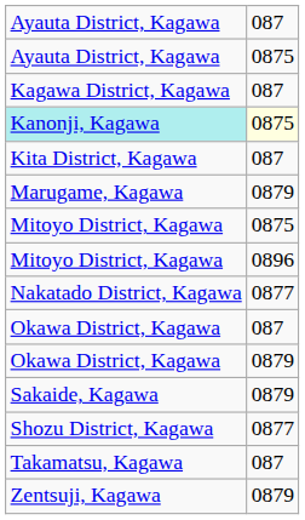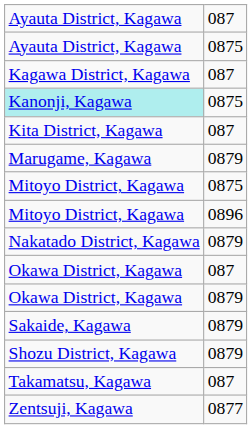 <table class="wikitable">
 <tr>
 <td><a href='#'>Ayauta District, Kagawa</a></td>
 <td>087</td>
 </tr>
 <tr>
 <td><a href='#'>Ayauta District, Kagawa</a></td>
 <td>0875</td>
 </tr>
 <tr>
 <td><a href='#'>Kagawa District, Kagawa</a></td>
 <td>087</td>
 </tr>
 <tr>
 <td style="background: paleturquoise;"><a href='#'>Kanonji, Kagawa</a></td>
-<td style="background: lightyellow;">0875</td>
+<td>0875</td>
 </tr>
 <tr>
 <td><a href='#'>Kita District, Kagawa</a></td>
 <td>087</td>
 </tr>
 <tr>
 <td><a href='#'>Marugame, Kagawa</a></td>
 <td>0879</td>
 </tr>
 <tr>
 <td><a href='#'>Mitoyo District, Kagawa</a></td>
 <td>0875</td>
 </tr>
 <tr>
 <td><a href='#'>Mitoyo District, Kagawa</a></td>
 <td>0896</td>
 </tr>
 <tr>
 <td><a href='#'>Nakatado District, Kagawa</a></td>
-<td>0877</td>
+<td>0879</td>
 </tr>
 <tr>
 <td><a href='#'>Okawa District, Kagawa</a></td>
 <td>087</td>
 </tr>
 <tr>
 <td><a href='#'>Okawa District, Kagawa</a></td>
 <td>0879</td>
 </tr>
 <tr>
 <td><a href='#'>Sakaide, Kagawa</a></td>
 <td>0879</td>
 </tr>
 <tr>
 <td><a href='#'>Shozu District, Kagawa</a></td>
-<td>0877</td>
+<td>0879</td>
 </tr>
 <tr>
 <td><a href='#'>Takamatsu, Kagawa</a></td>
 <td>087</td>
 </tr>
 <tr>
 <td><a href='#'>Zentsuji, Kagawa</a></td>
-<td>0879</td>
+<td>0877</td>
 </tr>
 </table>
